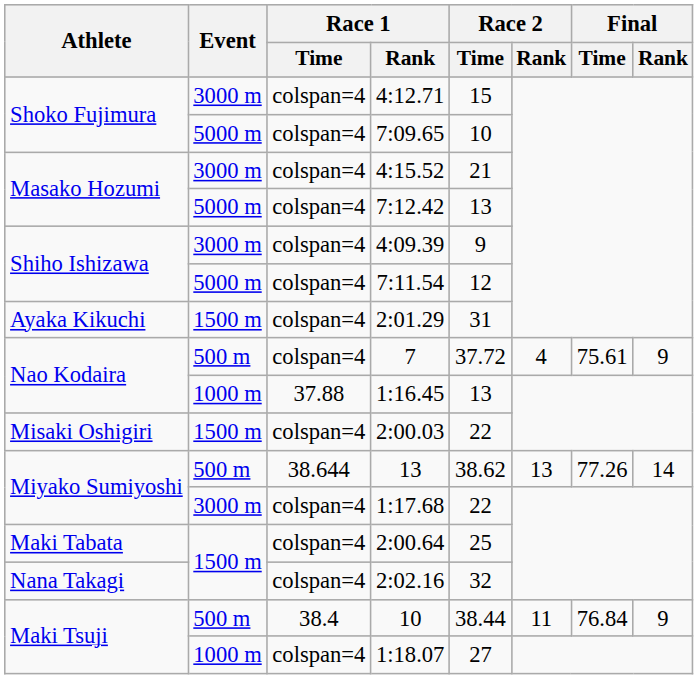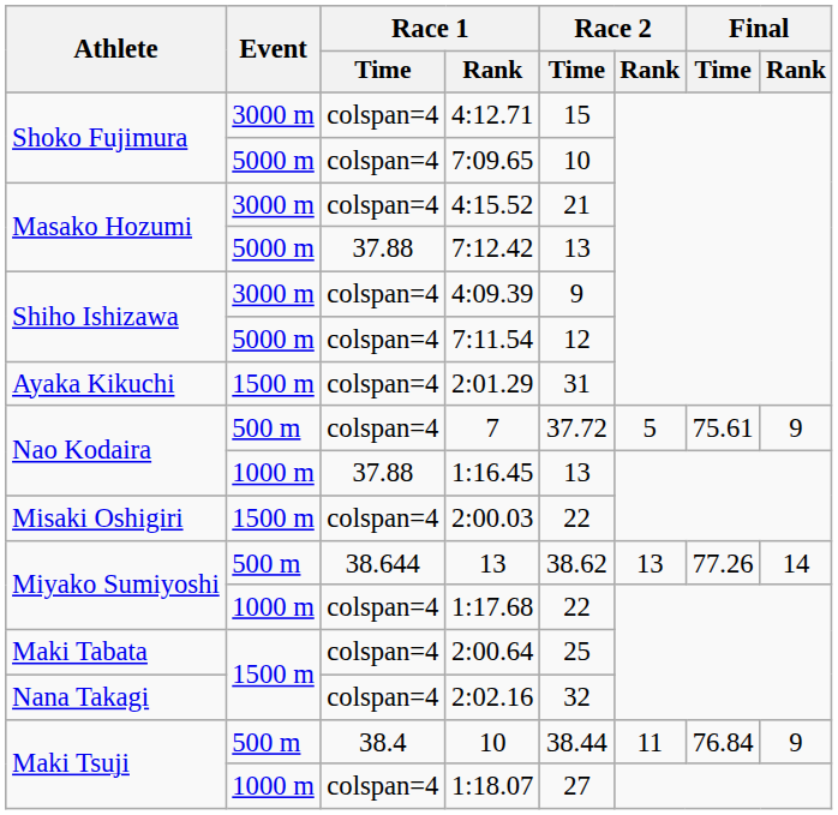 <table class="wikitable" style="font-size:90%">
 <tr>
 <th rowspan=2>Athlete</th>
 <th rowspan=2>Event</th>
 <th colspan=2>Race 1</th>
 <th colspan=2>Race 2</th>
 <th colspan=3>Final</th>
 </tr>
 <tr style="font-size:95%">
 <th>Time</th>
 <th>Rank</th>
 <th>Time</th>
 <th>Rank</th>
 <th>Time</th>
 <th>Rank</th>
 </tr>
 <tr align=center>
 <td align=left rowspan=2><a href='#'>Shoko Fujimura</a></td>
 <td align=left><a href='#'>3000 m</a></td>
 <td>colspan=4 </td>
 <td>4:12.71</td>
 <td>15</td>
 </tr>
 <tr align=center>
 <td align=left><a href='#'>5000 m</a></td>
 <td>colspan=4 </td>
 <td>7:09.65</td>
 <td>10</td>
 </tr>
 <tr align=center>
 <td align=left rowspan=2><a href='#'>Masako Hozumi</a></td>
 <td align=left><a href='#'>3000 m</a></td>
 <td>colspan=4 </td>
 <td>4:15.52</td>
 <td>21</td>
 </tr>
 <tr align=center>
 <td align=left><a href='#'>5000 m</a></td>
-<td>colspan=4 </td>
+<td>37.88</td>
 <td>7:12.42</td>
 <td>13</td>
 </tr>
 <tr align=center>
 <td align=left rowspan=2><a href='#'>Shiho Ishizawa</a></td>
 <td align=left><a href='#'>3000 m</a></td>
 <td>colspan=4 </td>
 <td>4:09.39</td>
 <td>9</td>
 </tr>
 <tr align=center>
 <td align=left><a href='#'>5000 m</a></td>
 <td>colspan=4 </td>
 <td>7:11.54</td>
 <td>12</td>
 </tr>
 <tr align=center>
 <td align=left><a href='#'>Ayaka Kikuchi</a></td>
 <td align=left><a href='#'>1500 m</a></td>
 <td>colspan=4 </td>
 <td>2:01.29</td>
 <td>31</td>
 </tr>
 <tr align=center>
 <td align=left rowspan=2><a href='#'>Nao Kodaira</a></td>
 <td align=left><a href='#'>500 m</a></td>
 <td>colspan=4 </td>
 <td>7</td>
 <td>37.72</td>
-<td>4</td>
+<td>5</td>
 <td>75.61</td>
 <td>9</td>
 </tr>
 <tr align=center>
 <td align=left><a href='#'>1000 m</a></td>
 <td>37.88</td>
 <td>1:16.45</td>
 <td>13</td>
 </tr>
 <tr align=center>
 <td align=left><a href='#'>Misaki Oshigiri</a></td>
 <td align=left><a href='#'>1500 m</a></td>
 <td>colspan=4 </td>
 <td>2:00.03</td>
 <td>22</td>
 </tr>
 <tr align=center>
 <td align=left rowspan=2><a href='#'>Miyako Sumiyoshi</a></td>
 <td align=left><a href='#'>500 m</a></td>
 <td>38.644</td>
 <td>13</td>
 <td>38.62</td>
 <td>13</td>
 <td>77.26</td>
 <td>14</td>
 </tr>
 <tr align=center>
-<td align=left><a href='#'>3000 m</a></td>
+<td align=left><a href='#'>1000 m</a></td>
 <td>colspan=4 </td>
 <td>1:17.68</td>
 <td>22</td>
 </tr>
 <tr align=center>
 <td align=left><a href='#'>Maki Tabata</a></td>
 <td align=left rowspan=2><a href='#'>1500 m</a></td>
 <td>colspan=4 </td>
 <td>2:00.64</td>
 <td>25</td>
 </tr>
 <tr align=center>
 <td align=left><a href='#'>Nana Takagi</a></td>
 <td>colspan=4 </td>
 <td>2:02.16</td>
 <td>32</td>
 </tr>
 <tr align=center>
 <td align=left rowspan=2><a href='#'>Maki Tsuji</a></td>
 <td align=left><a href='#'>500 m</a></td>
 <td>38.4</td>
 <td>10</td>
 <td>38.44</td>
 <td>11</td>
 <td>76.84</td>
 <td>9</td>
 </tr>
 <tr align=center>
 <td align=left><a href='#'>1000 m</a></td>
 <td>colspan=4 </td>
 <td>1:18.07</td>
 <td>27</td>
 </tr>
 </table>
